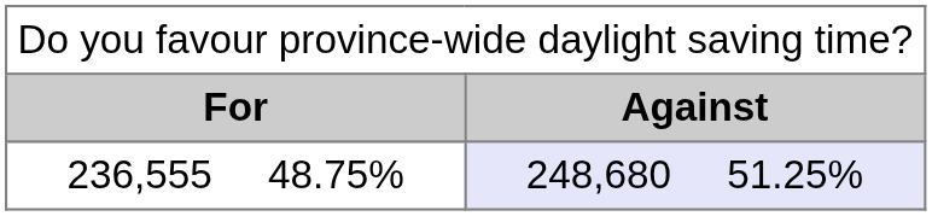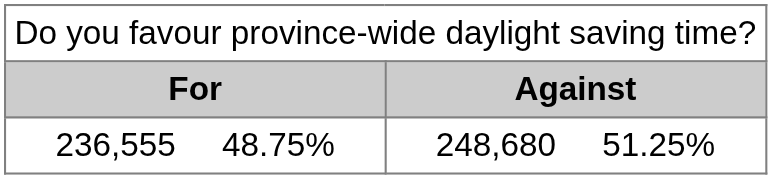 <table border="1" cellpadding="4" cellspacing="0" style="border-collapse: collapse">
 <tr>
 <td colspan=4>Do you favour province-wide daylight saving time?</td>
 </tr>
 <tr bgcolor="CCCCCC">
 <td align="center"><strong>For</strong></td>
 <td align="center"><strong>Against</strong></td>
 </tr>
 <tr>
 <td align="center">236,555     48.75%</td>
-<td align="center" style="background: lavender;">248,680     51.25%</td>
+<td align="center">248,680     51.25%</td>
 </tr>
 </table>
